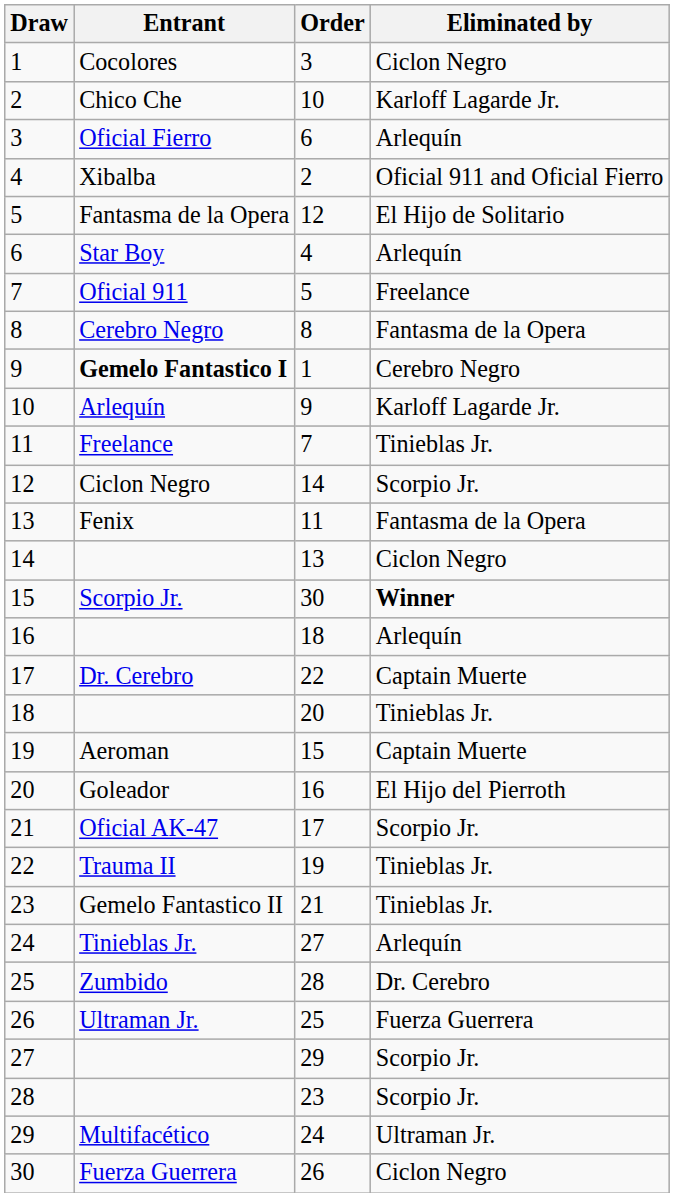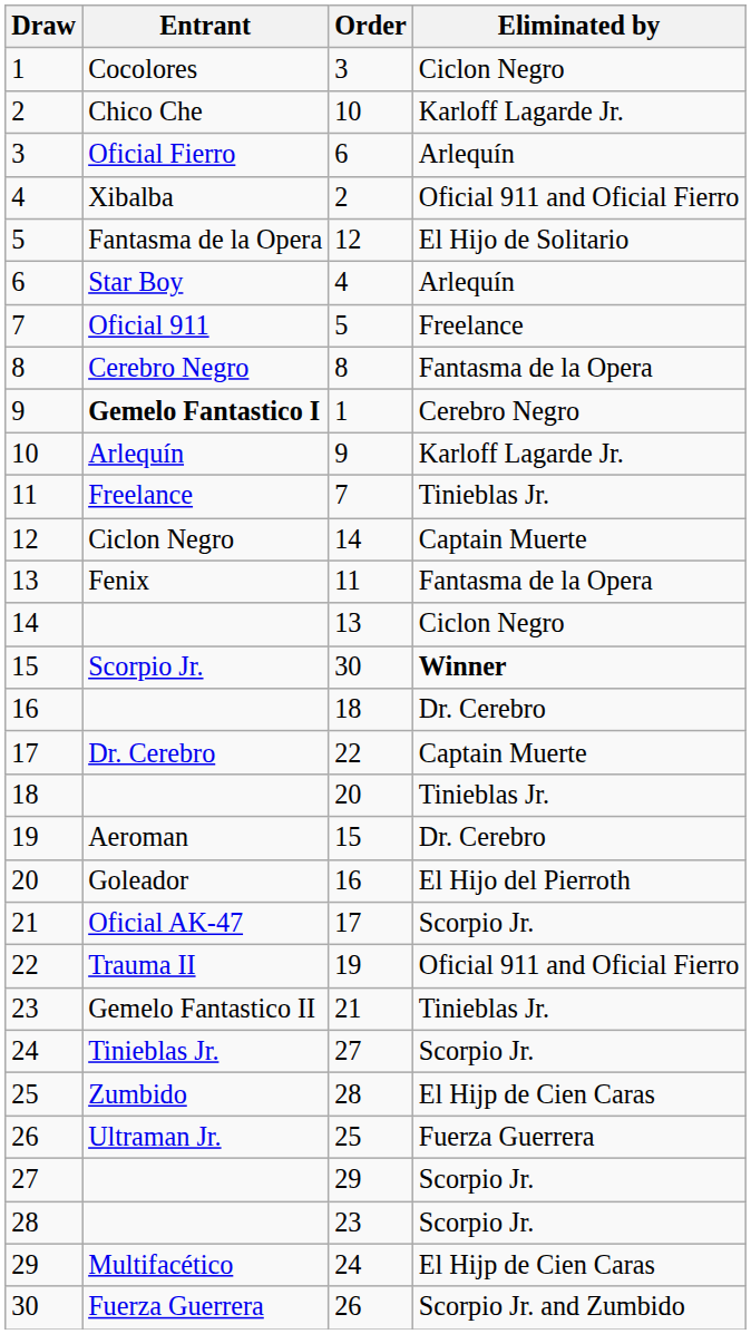 <table class="wikitable sortable">
 <tr>
 <th data-sort-type="number" scope="col">Draw</th>
 <th scope="col">Entrant</th>
 <th data-sort-type="number" scope="col">Order</th>
 <th scope="col">Eliminated by</th>
 </tr>
 <tr>
 <td>1</td>
 <td>Cocolores</td>
 <td>3</td>
 <td>Ciclon Negro</td>
 </tr>
 <tr>
 <td>2</td>
 <td>Chico Che</td>
 <td>10</td>
 <td>Karloff Lagarde Jr.</td>
 </tr>
 <tr>
 <td>3</td>
 <td><a href='#'>Oficial Fierro</a></td>
 <td>6</td>
 <td>Arlequín</td>
 </tr>
 <tr>
 <td>4</td>
 <td>Xibalba</td>
 <td>2</td>
 <td>Oficial 911 and Oficial Fierro</td>
 </tr>
 <tr>
 <td>5</td>
 <td>Fantasma de la Opera</td>
 <td>12</td>
 <td>El Hijo de Solitario</td>
 </tr>
 <tr>
 <td>6</td>
 <td><a href='#'>Star Boy</a></td>
 <td>4</td>
 <td>Arlequín</td>
 </tr>
 <tr>
 <td>7</td>
 <td><a href='#'>Oficial 911</a></td>
 <td>5</td>
 <td>Freelance</td>
 </tr>
 <tr>
 <td>8</td>
 <td><a href='#'>Cerebro Negro</a></td>
 <td>8</td>
 <td>Fantasma de la Opera</td>
 </tr>
 <tr>
 <td>9</td>
 <td><strong>Gemelo Fantastico I</strong></td>
 <td>1</td>
 <td>Cerebro Negro</td>
 </tr>
 <tr>
 <td>10</td>
 <td><a href='#'>Arlequín</a></td>
 <td>9</td>
 <td>Karloff Lagarde Jr.</td>
 </tr>
 <tr>
 <td>11</td>
 <td><a href='#'>Freelance</a></td>
 <td>7</td>
 <td>Tinieblas Jr.</td>
 </tr>
 <tr>
 <td>12</td>
 <td>Ciclon Negro</td>
 <td>14</td>
-<td>Scorpio Jr.</td>
+<td>Captain Muerte</td>
 </tr>
 <tr>
 <td>13</td>
 <td>Fenix</td>
 <td>11</td>
 <td>Fantasma de la Opera</td>
 </tr>
 <tr>
 <td>14</td>
 <td></td>
 <td>13</td>
 <td>Ciclon Negro</td>
 </tr>
 <tr>
 <td>15</td>
 <td><a href='#'>Scorpio Jr.</a></td>
 <td>30</td>
 <td><strong>Winner</strong></td>
 </tr>
 <tr>
 <td>16</td>
 <td></td>
 <td>18</td>
-<td>Arlequín</td>
+<td>Dr. Cerebro</td>
 </tr>
 <tr>
 <td>17</td>
 <td><a href='#'>Dr. Cerebro</a></td>
 <td>22</td>
 <td>Captain Muerte</td>
 </tr>
 <tr>
 <td>18</td>
 <td></td>
 <td>20</td>
 <td>Tinieblas Jr.</td>
 </tr>
 <tr>
 <td>19</td>
 <td>Aeroman</td>
 <td>15</td>
-<td>Captain Muerte</td>
+<td>Dr. Cerebro</td>
 </tr>
 <tr>
 <td>20</td>
 <td>Goleador</td>
 <td>16</td>
 <td>El Hijo del Pierroth</td>
 </tr>
 <tr>
 <td>21</td>
 <td><a href='#'>Oficial AK-47</a></td>
 <td>17</td>
 <td>Scorpio Jr.</td>
 </tr>
 <tr>
 <td>22</td>
 <td><a href='#'>Trauma II</a></td>
 <td>19</td>
-<td>Tinieblas Jr.</td>
+<td>Oficial 911 and Oficial Fierro</td>
 </tr>
 <tr>
 <td>23</td>
 <td>Gemelo Fantastico II</td>
 <td>21</td>
 <td>Tinieblas Jr.</td>
 </tr>
 <tr>
 <td>24</td>
 <td><a href='#'>Tinieblas Jr.</a></td>
 <td>27</td>
-<td>Arlequín</td>
+<td>Scorpio Jr.</td>
 </tr>
 <tr>
 <td>25</td>
 <td><a href='#'>Zumbido</a></td>
 <td>28</td>
-<td>Dr. Cerebro</td>
+<td>El Hijp de Cien Caras</td>
 </tr>
 <tr>
 <td>26</td>
 <td><a href='#'>Ultraman Jr.</a></td>
 <td>25</td>
 <td>Fuerza Guerrera</td>
 </tr>
 <tr>
 <td>27</td>
 <td></td>
 <td>29</td>
 <td>Scorpio Jr.</td>
 </tr>
 <tr>
 <td>28</td>
 <td></td>
 <td>23</td>
 <td>Scorpio Jr.</td>
 </tr>
 <tr>
 <td>29</td>
 <td><a href='#'>Multifacético</a></td>
 <td>24</td>
-<td>Ultraman Jr.</td>
+<td>El Hijp de Cien Caras</td>
 </tr>
 <tr>
 <td>30</td>
 <td><a href='#'>Fuerza Guerrera</a></td>
 <td>26</td>
-<td>Ciclon Negro</td>
+<td>Scorpio Jr. and Zumbido</td>
 </tr>
 </table>
